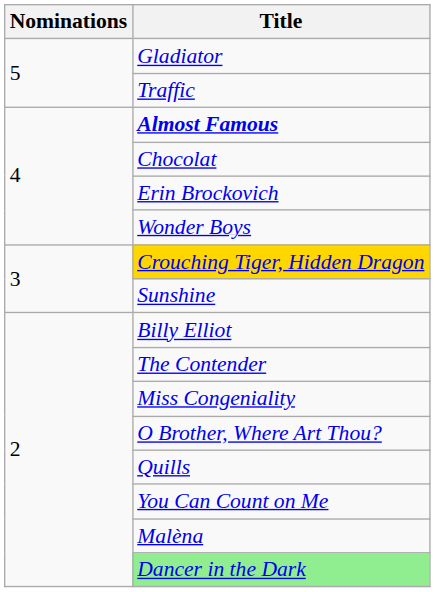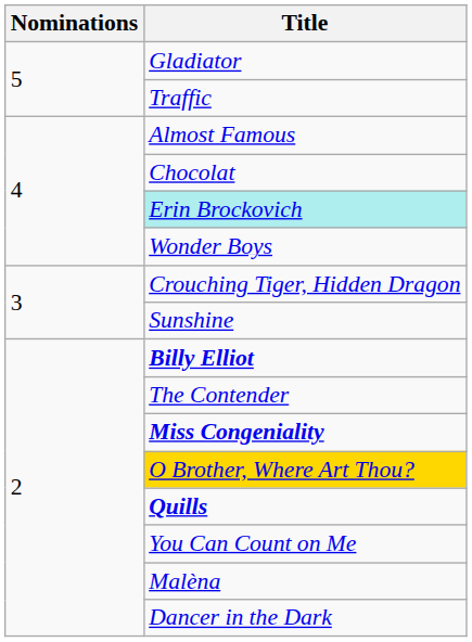 <table class="wikitable">
 <tr>
 <th>Nominations</th>
 <th>Title</th>
 </tr>
 <tr>
 <td rowspan="2">5</td>
 <td><em><a href='#'>Gladiator</a></em></td>
 </tr>
 <tr>
 <td><em><a href='#'>Traffic</a></em></td>
 </tr>
 <tr>
 <td rowspan="4">4</td>
-<td><strong><em><a href='#'>Almost Famous</a></em></strong></td>
+<td><em><a href='#'>Almost Famous</a></em></td>
 </tr>
 <tr>
 <td><em><a href='#'>Chocolat</a></em></td>
 </tr>
 <tr>
-<td><em><a href='#'>Erin Brockovich</a></em></td>
+<td style="background: paleturquoise;"><em><a href='#'>Erin Brockovich</a></em></td>
 </tr>
 <tr>
 <td><em><a href='#'>Wonder Boys</a></em></td>
 </tr>
 <tr>
 <td rowspan="2">3</td>
-<td style="background: gold;"><em><a href='#'>Crouching Tiger, Hidden Dragon</a></em></td>
+<td><em><a href='#'>Crouching Tiger, Hidden Dragon</a></em></td>
 </tr>
 <tr>
 <td><em><a href='#'>Sunshine</a></em></td>
 </tr>
 <tr>
 <td rowspan="8">2</td>
-<td><em><a href='#'>Billy Elliot</a></em></td>
+<td><strong><em><a href='#'>Billy Elliot</a></em></strong></td>
 </tr>
 <tr>
 <td><em><a href='#'>The Contender</a></em></td>
 </tr>
 <tr>
-<td><em><a href='#'>Miss Congeniality</a></em></td>
+<td><strong><em><a href='#'>Miss Congeniality</a></em></strong></td>
 </tr>
 <tr>
-<td><em><a href='#'>O Brother, Where Art Thou?</a></em></td>
+<td style="background: gold;"><em><a href='#'>O Brother, Where Art Thou?</a></em></td>
 </tr>
 <tr>
-<td><em><a href='#'>Quills</a></em></td>
+<td><strong><em><a href='#'>Quills</a></em></strong></td>
 </tr>
 <tr>
 <td><em><a href='#'>You Can Count on Me</a></em></td>
 </tr>
 <tr>
 <td><em><a href='#'>Malèna</a></em></td>
 </tr>
 <tr>
-<td style="background: lightgreen;"><em><a href='#'>Dancer in the Dark</a></em></td>
+<td><em><a href='#'>Dancer in the Dark</a></em></td>
 </tr>
 </table>
